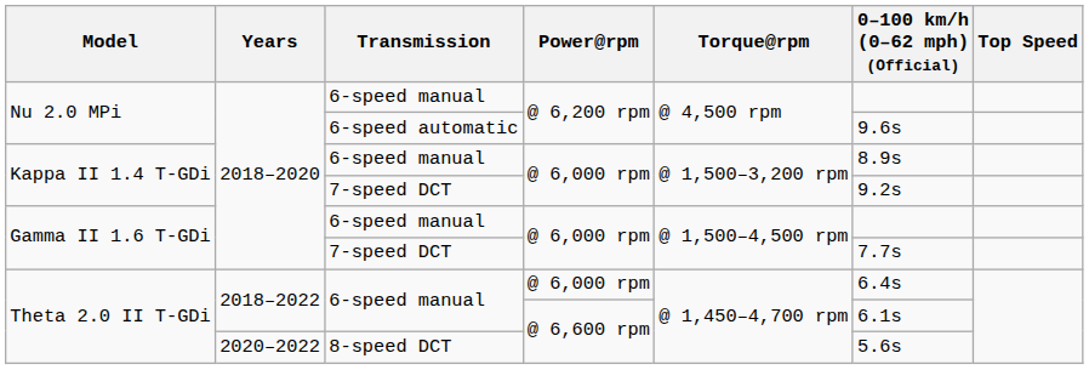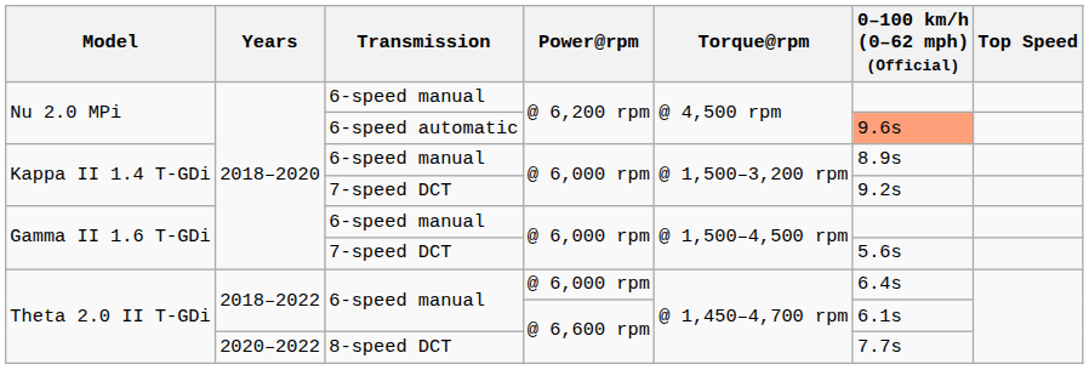 <table class="wikitable sortable collapsible" style="text-align:left; font-size:90%;">
 <tr>
 <th>Model</th>
 <th>Years</th>
 <th>Transmission</th>
 <th>Power@rpm</th>
 <th>Torque@rpm</th>
 <th>0–100 km/h<br>(0–62 mph)<br><small>(Official)</small></th>
 <th>Top Speed</th>
 </tr>
 <tr>
 <td rowspan=2>Nu 2.0 MPi</td>
 <td rowspan=6>2018–2020</td>
 <td>6-speed manual</td>
 <td rowspan=2> @ 6,200 rpm</td>
 <td rowspan=2> @ 4,500 rpm</td>
 <td></td>
 <td></td>
 </tr>
 <tr>
 <td>6-speed automatic</td>
-<td>9.6s</td>
+<td style="background: lightsalmon;">9.6s</td>
 <td></td>
 </tr>
 <tr>
 <td rowspan=2>Kappa II 1.4 T-GDi</td>
 <td>6-speed manual</td>
 <td rowspan=2> @ 6,000 rpm</td>
 <td rowspan=2> @ 1,500–3,200 rpm</td>
 <td>8.9s</td>
 <td></td>
 </tr>
 <tr>
 <td>7-speed DCT</td>
 <td>9.2s</td>
 <td></td>
 </tr>
 <tr>
 <td rowspan=2>Gamma II 1.6 T-GDi</td>
 <td>6-speed manual</td>
 <td rowspan=2> @ 6,000 rpm</td>
 <td rowspan=2> @ 1,500–4,500 rpm</td>
 <td></td>
 <td></td>
 </tr>
 <tr>
 <td>7-speed DCT</td>
-<td>7.7s</td>
+<td>5.6s</td>
 <td></td>
 </tr>
 <tr>
 <td rowspan=3>Theta 2.0 II T-GDi</td>
 <td rowspan=2>2018–2022</td>
 <td rowspan=2>6-speed manual</td>
 <td> @ 6,000 rpm</td>
 <td rowspan="3"> @ 1,450–4,700 rpm</td>
 <td>6.4s</td>
 <td rowspan=3></td>
 </tr>
 <tr>
 <td rowspan=2> @ 6,600 rpm</td>
 <td>6.1s</td>
 </tr>
 <tr>
 <td>2020–2022</td>
 <td>8-speed DCT</td>
-<td>5.6s</td>
+<td>7.7s</td>
 </tr>
 </table>
